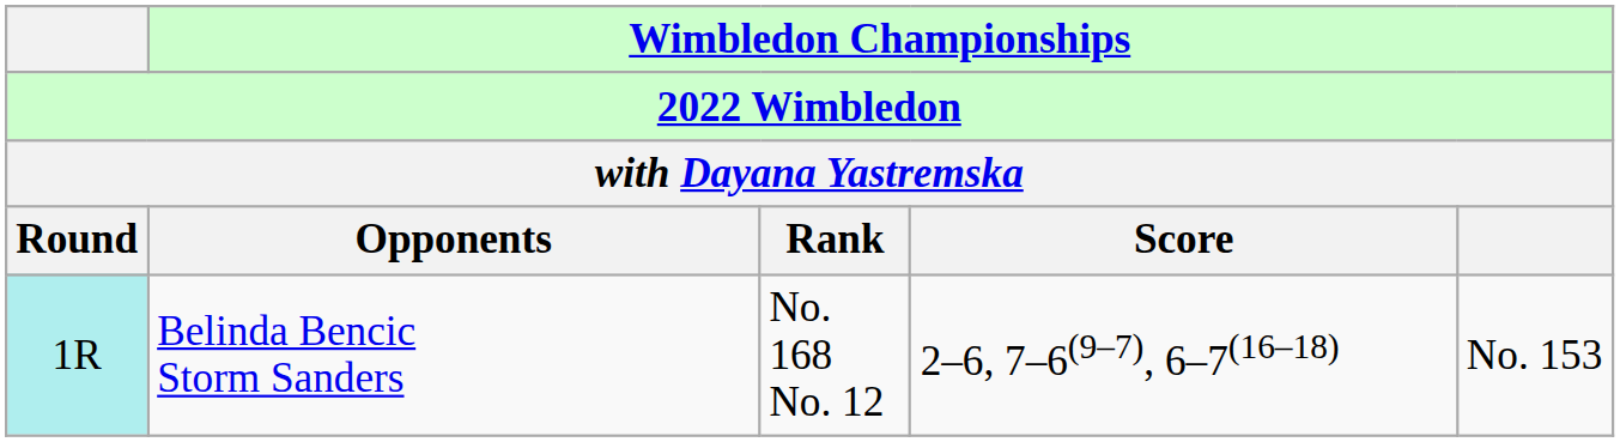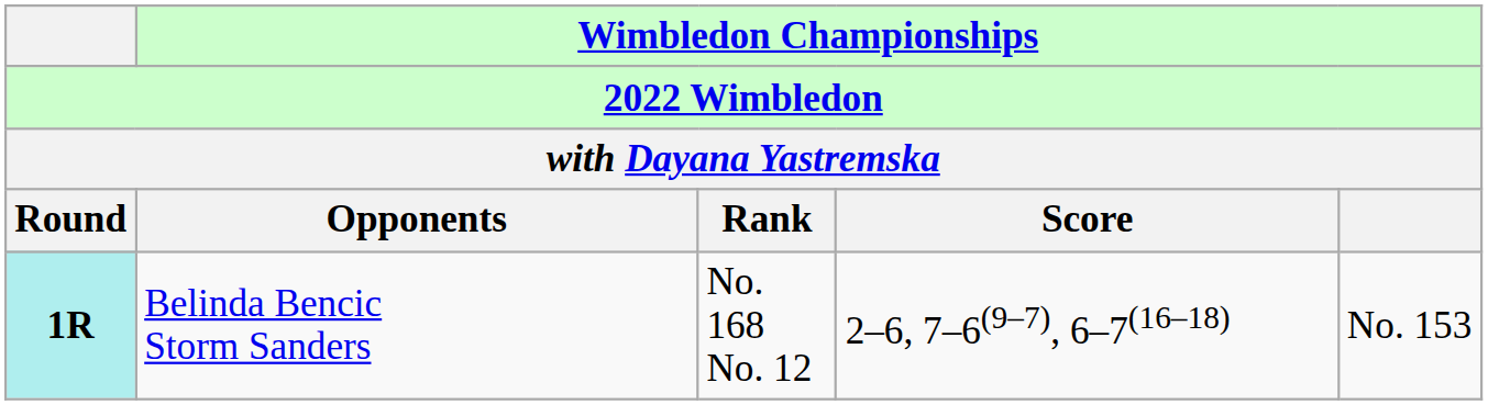 <table class="wikitable collapsible collapsed">
 <tr>
 <th></th>
 <th colspan=4 style="background:#cfc;"><a href='#'>Wimbledon Championships</a></th>
 </tr>
 <tr>
 <th colspan=5 style="background:#cfc;"><a href='#'>2022 Wimbledon</a></th>
 </tr>
 <tr>
 <th colspan=5><em>with  <a href='#'>Dayana Yastremska</a></em></th>
 </tr>
 <tr>
 <th>Round</th>
 <th width=225>Opponents</th>
 <th width=50>Rank</th>
 <th width=200>Score</th>
 <th></th>
 </tr>
 <tr>
-<td style="text-align:center; background:#afeeee;">1R</td>
+<td style="text-align:center; background:#afeeee;"><strong>1R</strong></td>
 <td> <a href='#'>Belinda Bencic</a><br> <a href='#'>Storm Sanders</a></td>
 <td>No. 168<br>No. 12</td>
 <td>2–6, 7–6<sup>(9–7)</sup>, 6–7<sup>(16–18)</sup></td>
 <td>No. 153</td>
 </tr>
 </table>
